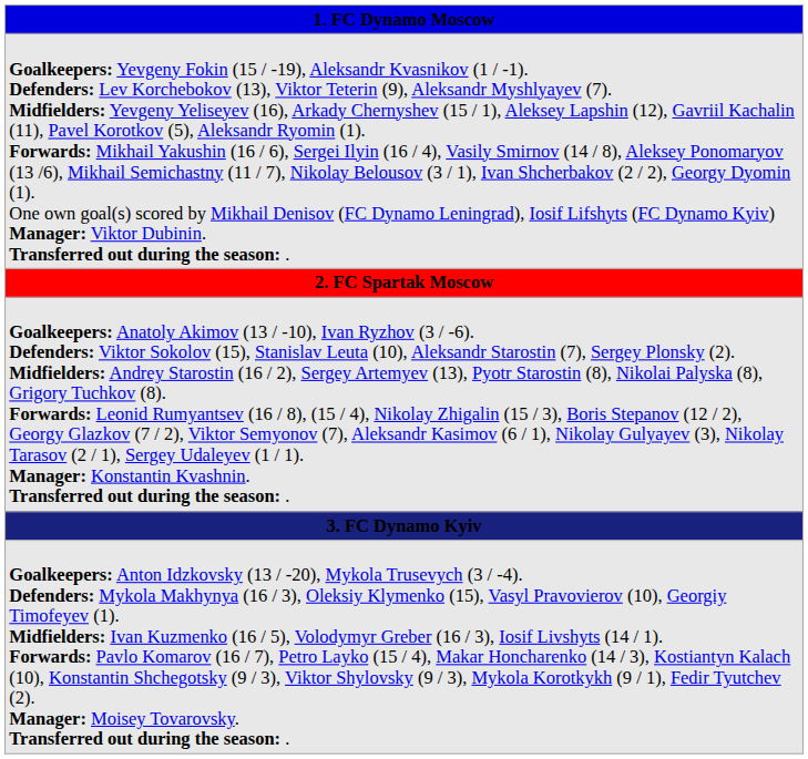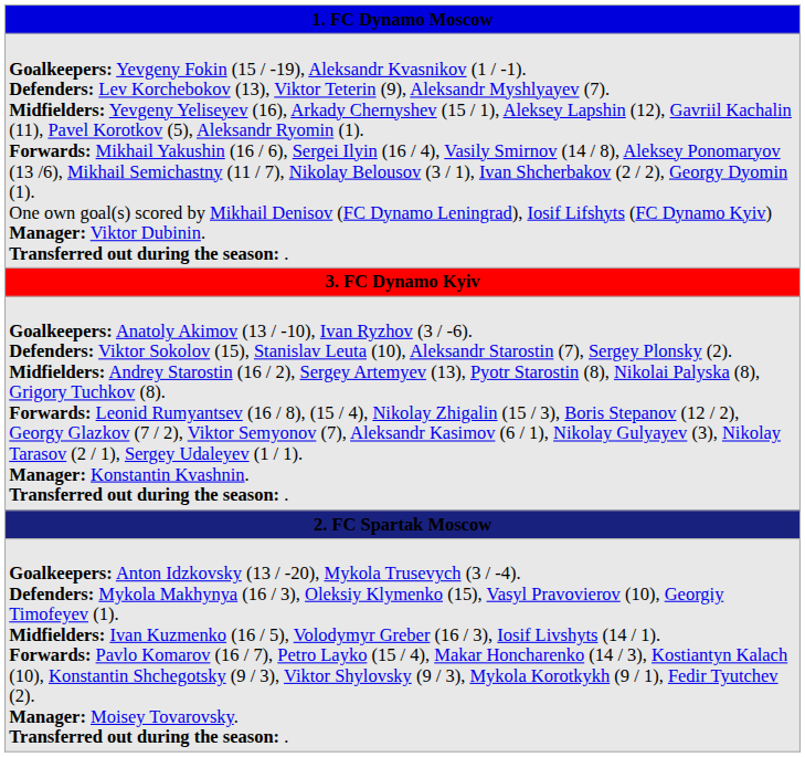 <table class="wikitable" style="width:700px;">
 <tr style="background:#00d;">
 <td style="text-align:center; width:700px;"><span> <strong>1. FC Dynamo Moscow</strong> </span></td>
 </tr>
 <tr style="background:#e8e8e8;">
 <td style="text-align:left; width:700px;"><br><strong>Goalkeepers:</strong> <a href='#'>Yevgeny Fokin</a> (15 / -19), <a href='#'>Aleksandr Kvasnikov</a> (1 / -1).<br> <strong>Defenders:</strong> <a href='#'>Lev Korchebokov</a> (13), <a href='#'>Viktor Teterin</a> (9), <a href='#'>Aleksandr Myshlyayev</a> (7).<br> <strong>Midfielders:</strong> <a href='#'>Yevgeny Yeliseyev</a> (16), <a href='#'>Arkady Chernyshev</a> (15 / 1), <a href='#'>Aleksey Lapshin</a> (12), <a href='#'>Gavriil Kachalin</a> (11), <a href='#'>Pavel Korotkov</a> (5), <a href='#'>Aleksandr Ryomin</a> (1).<br> <strong>Forwards:</strong> <a href='#'>Mikhail Yakushin</a> (16 / 6), <a href='#'>Sergei Ilyin</a> (16 / 4), <a href='#'>Vasily Smirnov</a> (14 / 8), <a href='#'>Aleksey Ponomaryov</a> (13 /6), <a href='#'>Mikhail Semichastny</a> (11 / 7), <a href='#'>Nikolay Belousov</a> (3 / 1), <a href='#'>Ivan Shcherbakov</a> (2 / 2), <a href='#'>Georgy Dyomin</a> (1).<br>One own goal(s) scored by <a href='#'>Mikhail Denisov</a> (<a href='#'>FC Dynamo Leningrad</a>), <a href='#'>Iosif Lifshyts</a> (<a href='#'>FC Dynamo Kyiv</a>)<br><strong>Manager:</strong> <a href='#'>Viktor Dubinin</a>.<br><strong>Transferred out during the season:</strong> .</td>
 </tr>
 <tr style="background:#f00;">
-<td style="text-align:center; width:700px;"><span> <strong>2. FC Spartak Moscow</strong> </span></td>
+<td style="text-align:center; width:700px;"><span> <strong>3. FC Dynamo Kyiv</strong> </span></td>
 </tr>
 <tr style="background:#e8e8e8;">
 <td style="text-align:left; width:700px;"><br><strong>Goalkeepers:</strong> <a href='#'>Anatoly Akimov</a> (13 / -10), <a href='#'>Ivan Ryzhov</a> (3 / -6).<br> <strong>Defenders:</strong> <a href='#'>Viktor Sokolov</a> (15), <a href='#'>Stanislav Leuta</a> (10), <a href='#'>Aleksandr Starostin</a> (7), <a href='#'>Sergey Plonsky</a> (2).<br> <strong>Midfielders:</strong> <a href='#'>Andrey Starostin</a> (16 / 2), <a href='#'>Sergey Artemyev</a> (13), <a href='#'>Pyotr Starostin</a> (8), <a href='#'>Nikolai Palyska</a> (8), <a href='#'>Grigory Tuchkov</a> (8).<br> <strong>Forwards:</strong> <a href='#'>Leonid Rumyantsev</a> (16 / 8),  (15 / 4), <a href='#'>Nikolay Zhigalin</a> (15 / 3), <a href='#'>Boris Stepanov</a> (12 / 2), <a href='#'>Georgy Glazkov</a> (7 / 2), <a href='#'>Viktor Semyonov</a> (7), <a href='#'>Aleksandr Kasimov</a> (6 / 1), <a href='#'>Nikolay Gulyayev</a> (3), <a href='#'>Nikolay Tarasov</a> (2 / 1), <a href='#'>Sergey Udaleyev</a> (1 / 1).<br><strong>Manager:</strong> <a href='#'>Konstantin Kvashnin</a>.<br><strong>Transferred out during the season:</strong> .</td>
 </tr>
 <tr style="background:#19217f;">
-<td style="text-align:center; width:700px;"><span> <strong>3. FC Dynamo Kyiv</strong> </span></td>
+<td style="text-align:center; width:700px;"><span> <strong>2. FC Spartak Moscow</strong> </span></td>
 </tr>
 <tr style="background:#e8e8e8;">
 <td style="text-align:left; width:700px;"><br><strong>Goalkeepers:</strong> <a href='#'>Anton Idzkovsky</a> (13 / -20), <a href='#'>Mykola Trusevych</a> (3 / -4).<br> <strong>Defenders:</strong> <a href='#'>Mykola Makhynya</a> (16 / 3), <a href='#'>Oleksiy Klymenko</a> (15), <a href='#'>Vasyl Pravovierov</a> (10), <a href='#'>Georgiy Timofeyev</a> (1).<br> <strong>Midfielders:</strong> <a href='#'>Ivan Kuzmenko</a> (16 / 5), <a href='#'>Volodymyr Greber</a> (16 / 3), <a href='#'>Iosif Livshyts</a> (14 / 1).<br> <strong>Forwards:</strong> <a href='#'>Pavlo Komarov</a> (16 / 7), <a href='#'>Petro Layko</a> (15 / 4), <a href='#'>Makar Honcharenko</a> (14 / 3), <a href='#'>Kostiantyn Kalach</a> (10), <a href='#'>Konstantin Shchegotsky</a> (9 / 3), <a href='#'>Viktor Shylovsky</a> (9 / 3), <a href='#'>Mykola Korotkykh</a> (9 / 1), <a href='#'>Fedir Tyutchev</a> (2).<br><strong>Manager:</strong> <a href='#'>Moisey Tovarovsky</a>.<br><strong>Transferred out during the season:</strong> .</td>
 </tr>
 </table>
